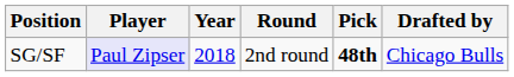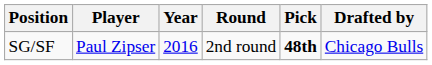 <table class="wikitable sortable" style="text-align: left;">
 <tr>
 <th>Position</th>
 <th>Player</th>
 <th>Year</th>
 <th>Round</th>
 <th>Pick</th>
 <th>Drafted by</th>
 </tr>
 <tr>
 <td>SG/SF</td>
-<td style="background: lavender;"> <a href='#'>Paul Zipser</a></td>
-<td><a href='#'>2018</a></td>
+<td> <a href='#'>Paul Zipser</a></td>
+<td><a href='#'>2016</a></td>
 <td>2nd round</td>
 <td><strong>48th</strong></td>
 <td><a href='#'>Chicago Bulls</a></td>
 </tr>
 </table>
